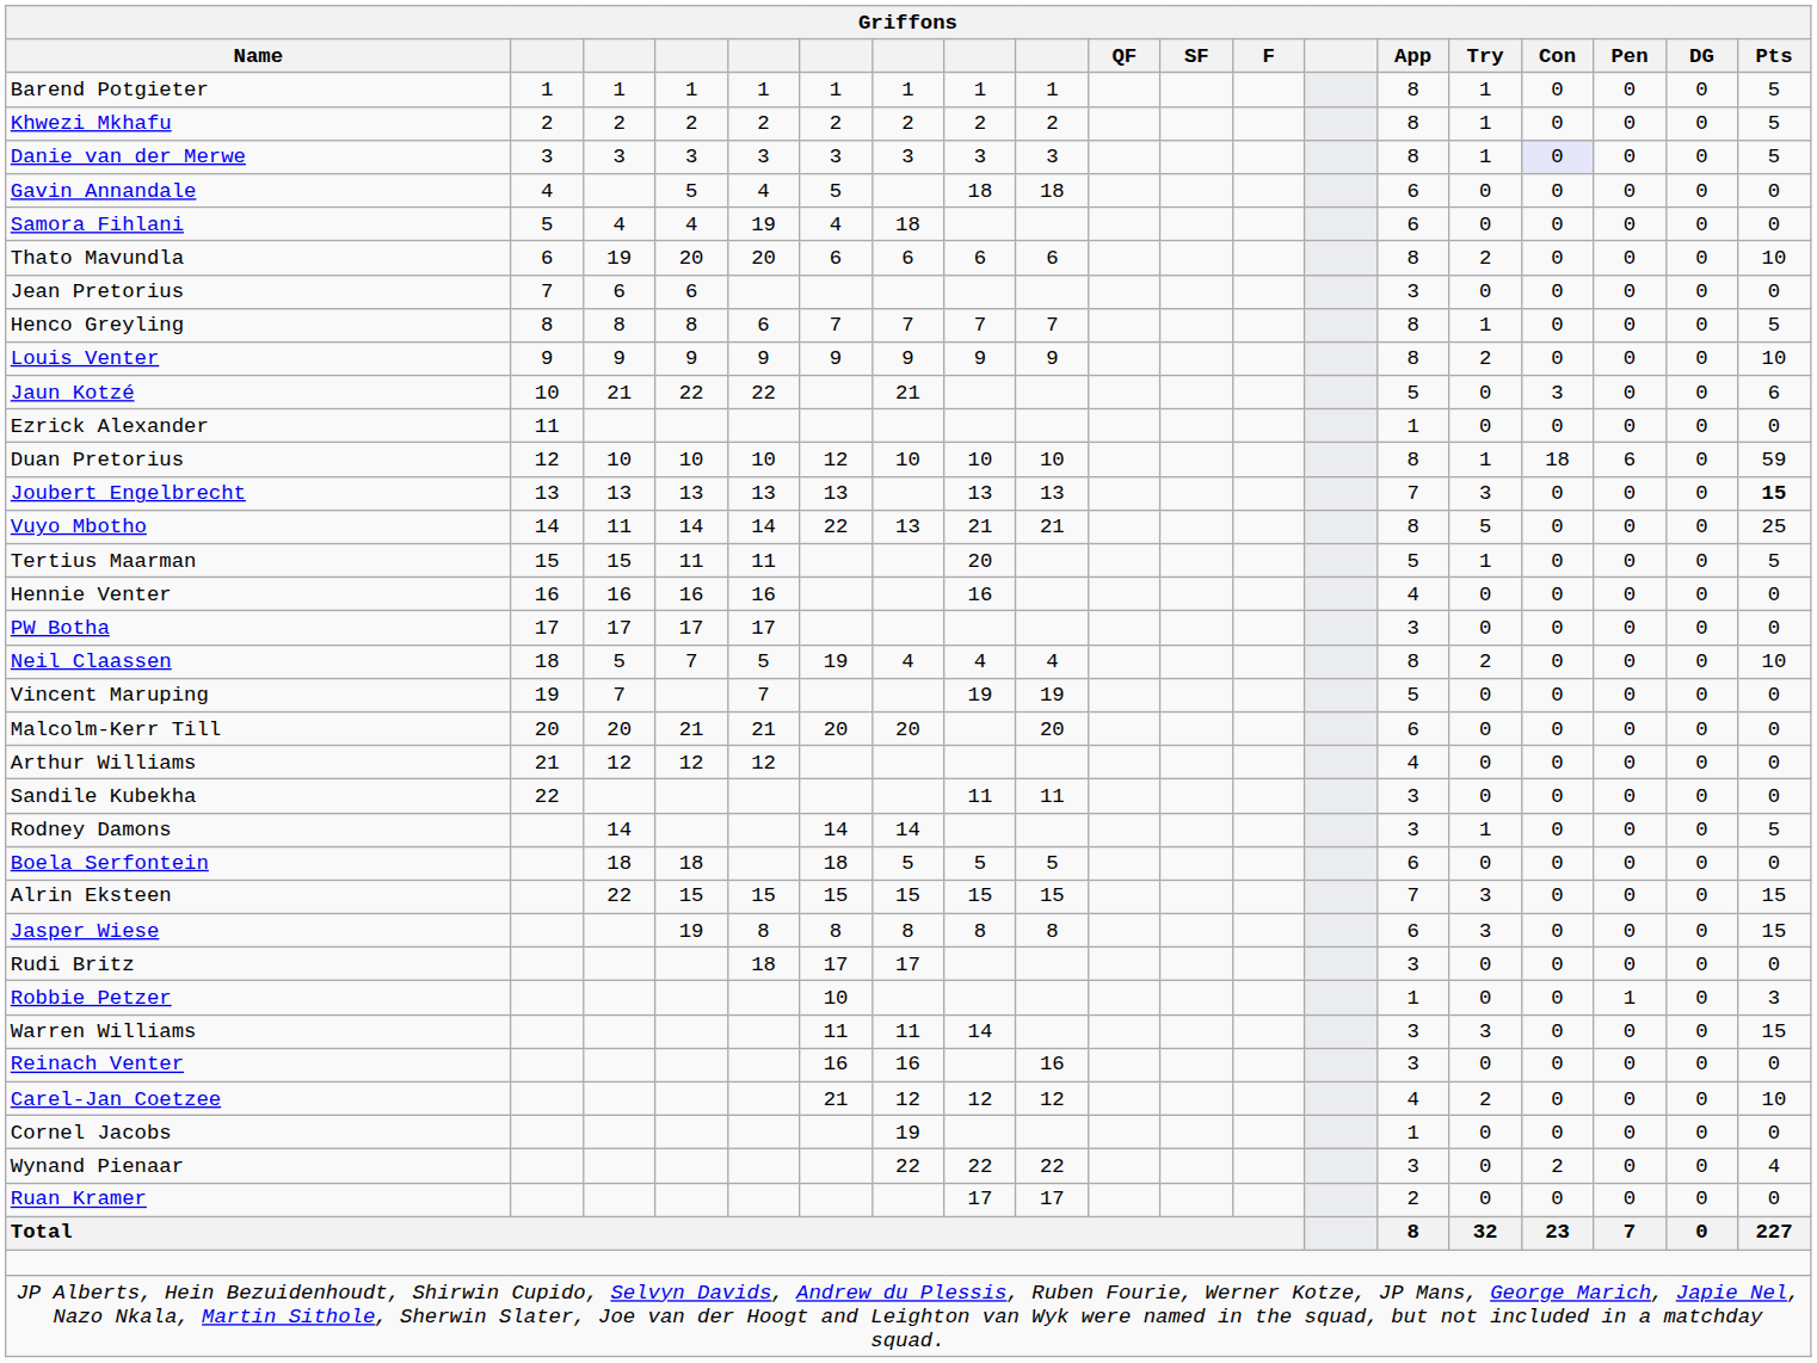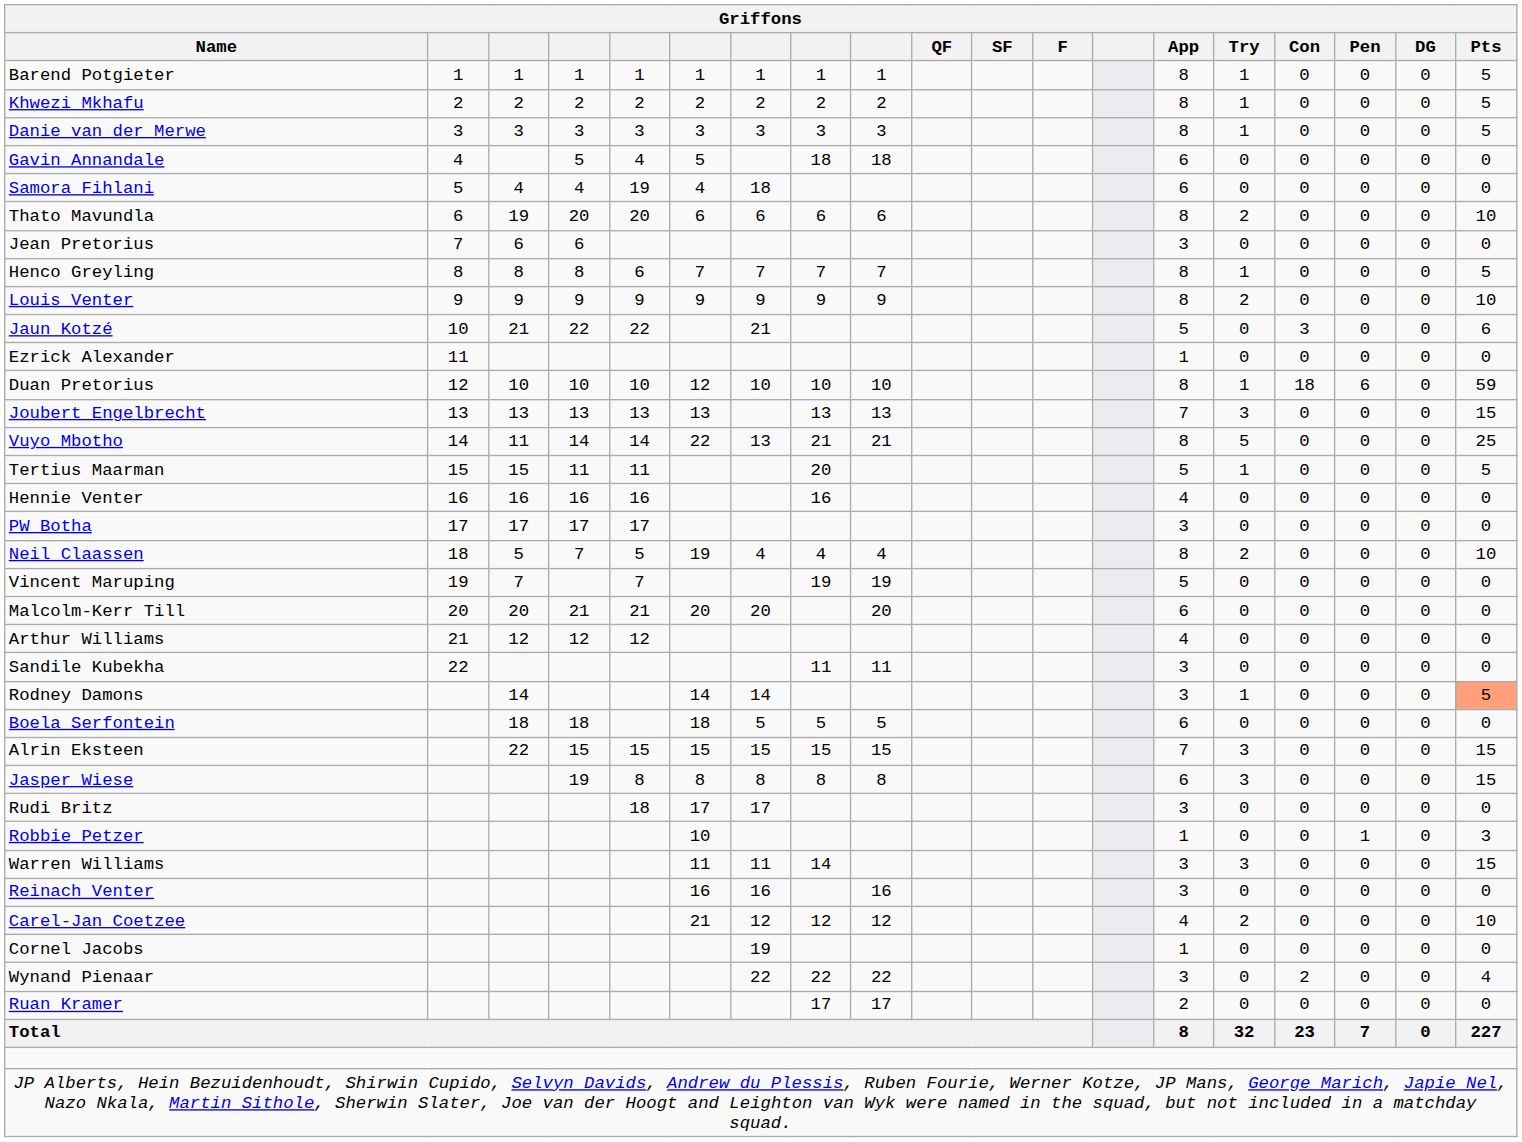 <table class="wikitable collapsible collapsed" style="text-align:center; font-size:100%; width:90%">
 <tr>
 <th colspan="100%">Griffons</th>
 </tr>
 <tr>
 <th style="width:28%;">Name</th>
 <th style="width:4%;"></th>
 <th style="width:4%;"></th>
 <th style="width:4%;"></th>
 <th style="width:4%;"></th>
 <th style="width:4%;"></th>
 <th style="width:4%;"></th>
 <th style="width:4%;"></th>
 <th style="width:4%;"></th>
 <th style="width:4%;">QF</th>
 <th style="width:4%;">SF</th>
 <th style="width:4%;">F</th>
 <th style="width:4%;"></th>
 <th style="width:4%;">App</th>
 <th style="width:4%;">Try</th>
 <th style="width:4%;">Con</th>
 <th style="width:4%;">Pen</th>
 <th style="width:4%;">DG</th>
 <th style="width:4%;">Pts</th>
 </tr>
 <tr>
 <td style="text-align:left;">Barend Potgieter</td>
 <td>1</td>
 <td>1</td>
 <td>1</td>
 <td>1</td>
 <td>1</td>
 <td>1</td>
 <td>1</td>
 <td>1</td>
 <td></td>
 <td></td>
 <td></td>
 <td style="background:#EBECF0;"></td>
 <td>8</td>
 <td>1</td>
 <td>0</td>
 <td>0</td>
 <td>0</td>
 <td>5</td>
 </tr>
 <tr>
 <td style="text-align:left;"><a href='#'>Khwezi Mkhafu</a></td>
 <td>2</td>
 <td>2</td>
 <td>2</td>
 <td>2</td>
 <td>2</td>
 <td>2</td>
 <td>2</td>
 <td>2</td>
 <td></td>
 <td></td>
 <td></td>
 <td style="background:#EBECF0;"></td>
 <td>8</td>
 <td>1</td>
 <td>0</td>
 <td>0</td>
 <td>0</td>
 <td>5</td>
 </tr>
 <tr>
 <td style="text-align:left;"><a href='#'>Danie van der Merwe</a></td>
 <td>3</td>
 <td>3</td>
 <td>3</td>
 <td>3</td>
 <td>3</td>
 <td>3</td>
 <td>3</td>
 <td>3</td>
 <td></td>
 <td></td>
 <td></td>
 <td style="background:#EBECF0;"></td>
 <td>8</td>
 <td>1</td>
-<td style="background: lavender;">0</td>
+<td>0</td>
 <td>0</td>
 <td>0</td>
 <td>5</td>
 </tr>
 <tr>
 <td style="text-align:left;"><a href='#'>Gavin Annandale</a></td>
 <td>4</td>
 <td></td>
 <td>5</td>
 <td>4</td>
 <td>5</td>
 <td></td>
 <td>18 </td>
 <td>18 </td>
 <td></td>
 <td></td>
 <td></td>
 <td style="background:#EBECF0;"></td>
 <td>6</td>
 <td>0</td>
 <td>0</td>
 <td>0</td>
 <td>0</td>
 <td>0</td>
 </tr>
 <tr>
 <td style="text-align:left;"><a href='#'>Samora Fihlani</a></td>
 <td>5</td>
 <td>4</td>
 <td>4</td>
 <td>19 </td>
 <td>4</td>
 <td>18 </td>
 <td></td>
 <td></td>
 <td></td>
 <td></td>
 <td></td>
 <td style="background:#EBECF0;"></td>
 <td>6</td>
 <td>0</td>
 <td>0</td>
 <td>0</td>
 <td>0</td>
 <td>0</td>
 </tr>
 <tr>
 <td style="text-align:left;">Thato Mavundla</td>
 <td>6</td>
 <td>19 </td>
 <td>20 </td>
 <td>20 </td>
 <td>6</td>
 <td>6</td>
 <td>6</td>
 <td>6</td>
 <td></td>
 <td></td>
 <td></td>
 <td style="background:#EBECF0;"></td>
 <td>8</td>
 <td>2</td>
 <td>0</td>
 <td>0</td>
 <td>0</td>
 <td>10</td>
 </tr>
 <tr>
 <td style="text-align:left;">Jean Pretorius</td>
 <td>7</td>
 <td>6</td>
 <td>6</td>
 <td></td>
 <td></td>
 <td></td>
 <td></td>
 <td></td>
 <td></td>
 <td></td>
 <td></td>
 <td style="background:#EBECF0;"></td>
 <td>3</td>
 <td>0</td>
 <td>0</td>
 <td>0</td>
 <td>0</td>
 <td>0</td>
 </tr>
 <tr>
 <td style="text-align:left;">Henco Greyling</td>
 <td>8</td>
 <td>8</td>
 <td>8</td>
 <td>6</td>
 <td>7</td>
 <td>7</td>
 <td>7</td>
 <td>7</td>
 <td></td>
 <td></td>
 <td></td>
 <td style="background:#EBECF0;"></td>
 <td>8</td>
 <td>1</td>
 <td>0</td>
 <td>0</td>
 <td>0</td>
 <td>5</td>
 </tr>
 <tr>
 <td style="text-align:left;"><a href='#'>Louis Venter</a></td>
 <td>9</td>
 <td>9</td>
 <td>9</td>
 <td>9</td>
 <td>9</td>
 <td>9</td>
 <td>9</td>
 <td>9</td>
 <td></td>
 <td></td>
 <td></td>
 <td style="background:#EBECF0;"></td>
 <td>8</td>
 <td>2</td>
 <td>0</td>
 <td>0</td>
 <td>0</td>
 <td>10</td>
 </tr>
 <tr>
 <td style="text-align:left;"><a href='#'>Jaun Kotzé</a></td>
 <td>10</td>
 <td>21 </td>
 <td>22 </td>
 <td>22 </td>
 <td></td>
 <td>21 </td>
 <td></td>
 <td></td>
 <td></td>
 <td></td>
 <td></td>
 <td style="background:#EBECF0;"></td>
 <td>5</td>
 <td>0</td>
 <td>3</td>
 <td>0</td>
 <td>0</td>
 <td>6</td>
 </tr>
 <tr>
 <td style="text-align:left;">Ezrick Alexander</td>
 <td>11</td>
 <td></td>
 <td></td>
 <td></td>
 <td></td>
 <td></td>
 <td></td>
 <td></td>
 <td></td>
 <td></td>
 <td></td>
 <td style="background:#EBECF0;"></td>
 <td>1</td>
 <td>0</td>
 <td>0</td>
 <td>0</td>
 <td>0</td>
 <td>0</td>
 </tr>
 <tr>
 <td style="text-align:left;">Duan Pretorius</td>
 <td>12</td>
 <td>10</td>
 <td>10</td>
 <td>10</td>
 <td>12</td>
 <td>10</td>
 <td>10</td>
 <td>10</td>
 <td></td>
 <td></td>
 <td></td>
 <td style="background:#EBECF0;"></td>
 <td>8</td>
 <td>1</td>
 <td>18</td>
 <td>6</td>
 <td>0</td>
 <td>59</td>
 </tr>
 <tr>
 <td style="text-align:left;"><a href='#'>Joubert Engelbrecht</a></td>
 <td>13</td>
 <td>13</td>
 <td>13</td>
 <td>13</td>
 <td>13</td>
 <td></td>
 <td>13</td>
 <td>13</td>
 <td></td>
 <td></td>
 <td></td>
 <td style="background:#EBECF0;"></td>
 <td>7</td>
 <td>3</td>
 <td>0</td>
 <td>0</td>
 <td>0</td>
-<td><strong>15</strong></td>
+<td>15</td>
 </tr>
 <tr>
 <td style="text-align:left;"><a href='#'>Vuyo Mbotho</a></td>
 <td>14</td>
 <td>11</td>
 <td>14</td>
 <td>14</td>
 <td>22 </td>
 <td>13</td>
 <td>21 </td>
 <td>21 </td>
 <td></td>
 <td></td>
 <td></td>
 <td style="background:#EBECF0;"></td>
 <td>8</td>
 <td>5</td>
 <td>0</td>
 <td>0</td>
 <td>0</td>
 <td>25</td>
 </tr>
 <tr>
 <td style="text-align:left;">Tertius Maarman</td>
 <td>15</td>
 <td>15</td>
 <td>11</td>
 <td>11</td>
 <td></td>
 <td></td>
 <td>20 </td>
 <td></td>
 <td></td>
 <td></td>
 <td></td>
 <td style="background:#EBECF0;"></td>
 <td>5</td>
 <td>1</td>
 <td>0</td>
 <td>0</td>
 <td>0</td>
 <td>5</td>
 </tr>
 <tr>
 <td style="text-align:left;">Hennie Venter</td>
 <td>16</td>
 <td>16 </td>
 <td>16 </td>
 <td>16 </td>
 <td></td>
 <td></td>
 <td>16 </td>
 <td></td>
 <td></td>
 <td></td>
 <td></td>
 <td style="background:#EBECF0;"></td>
 <td>4</td>
 <td>0</td>
 <td>0</td>
 <td>0</td>
 <td>0</td>
 <td>0</td>
 </tr>
 <tr>
 <td style="text-align:left;"><a href='#'>PW Botha</a></td>
 <td>17</td>
 <td>17 </td>
 <td>17 </td>
 <td>17 </td>
 <td></td>
 <td></td>
 <td></td>
 <td></td>
 <td></td>
 <td></td>
 <td></td>
 <td style="background:#EBECF0;"></td>
 <td>3</td>
 <td>0</td>
 <td>0</td>
 <td>0</td>
 <td>0</td>
 <td>0</td>
 </tr>
 <tr>
 <td style="text-align:left;"><a href='#'>Neil Claassen</a></td>
 <td>18 </td>
 <td>5</td>
 <td>7</td>
 <td>5</td>
 <td>19 </td>
 <td>4</td>
 <td>4</td>
 <td>4</td>
 <td></td>
 <td></td>
 <td></td>
 <td style="background:#EBECF0;"></td>
 <td>8</td>
 <td>2</td>
 <td>0</td>
 <td>0</td>
 <td>0</td>
 <td>10</td>
 </tr>
 <tr>
 <td style="text-align:left;">Vincent Maruping</td>
 <td>19 </td>
 <td>7</td>
 <td></td>
 <td>7</td>
 <td></td>
 <td></td>
 <td>19 </td>
 <td>19 </td>
 <td></td>
 <td></td>
 <td></td>
 <td style="background:#EBECF0;"></td>
 <td>5</td>
 <td>0</td>
 <td>0</td>
 <td>0</td>
 <td>0</td>
 <td>0</td>
 </tr>
 <tr>
 <td style="text-align:left;">Malcolm-Kerr Till</td>
 <td>20</td>
 <td>20 </td>
 <td>21 </td>
 <td>21 </td>
 <td>20 </td>
 <td>20 </td>
 <td></td>
 <td>20 </td>
 <td></td>
 <td></td>
 <td></td>
 <td style="background:#EBECF0;"></td>
 <td>6</td>
 <td>0</td>
 <td>0</td>
 <td>0</td>
 <td>0</td>
 <td>0</td>
 </tr>
 <tr>
 <td style="text-align:left;">Arthur Williams</td>
 <td>21 </td>
 <td>12</td>
 <td>12</td>
 <td>12</td>
 <td></td>
 <td></td>
 <td></td>
 <td></td>
 <td></td>
 <td></td>
 <td></td>
 <td style="background:#EBECF0;"></td>
 <td>4</td>
 <td>0</td>
 <td>0</td>
 <td>0</td>
 <td>0</td>
 <td>0</td>
 </tr>
 <tr>
 <td style="text-align:left;">Sandile Kubekha</td>
 <td>22 </td>
 <td></td>
 <td></td>
 <td></td>
 <td></td>
 <td></td>
 <td>11</td>
 <td>11</td>
 <td></td>
 <td></td>
 <td></td>
 <td style="background:#EBECF0;"></td>
 <td>3</td>
 <td>0</td>
 <td>0</td>
 <td>0</td>
 <td>0</td>
 <td>0</td>
 </tr>
 <tr>
 <td style="text-align:left;">Rodney Damons</td>
 <td></td>
 <td>14</td>
 <td></td>
 <td></td>
 <td>14</td>
 <td>14</td>
 <td></td>
 <td></td>
 <td></td>
 <td></td>
 <td></td>
 <td style="background:#EBECF0;"></td>
 <td>3</td>
 <td>1</td>
 <td>0</td>
 <td>0</td>
 <td>0</td>
-<td>5</td>
+<td style="background: lightsalmon;">5</td>
 </tr>
 <tr>
 <td style="text-align:left;"><a href='#'>Boela Serfontein</a></td>
 <td></td>
 <td>18 </td>
 <td>18 </td>
 <td></td>
 <td>18 </td>
 <td>5</td>
 <td>5</td>
 <td>5</td>
 <td></td>
 <td></td>
 <td></td>
 <td style="background:#EBECF0;"></td>
 <td>6</td>
 <td>0</td>
 <td>0</td>
 <td>0</td>
 <td>0</td>
 <td>0</td>
 </tr>
 <tr>
 <td style="text-align:left;">Alrin Eksteen</td>
 <td></td>
 <td>22 </td>
 <td>15</td>
 <td>15</td>
 <td>15</td>
 <td>15</td>
 <td>15</td>
 <td>15</td>
 <td></td>
 <td></td>
 <td></td>
 <td style="background:#EBECF0;"></td>
 <td>7</td>
 <td>3</td>
 <td>0</td>
 <td>0</td>
 <td>0</td>
 <td>15</td>
 </tr>
 <tr>
 <td style="text-align:left;"><a href='#'>Jasper Wiese</a></td>
 <td></td>
 <td></td>
 <td>19 </td>
 <td>8</td>
 <td>8</td>
 <td>8</td>
 <td>8</td>
 <td>8</td>
 <td></td>
 <td></td>
 <td></td>
 <td style="background:#EBECF0;"></td>
 <td>6</td>
 <td>3</td>
 <td>0</td>
 <td>0</td>
 <td>0</td>
 <td>15</td>
 </tr>
 <tr>
 <td style="text-align:left;">Rudi Britz</td>
 <td></td>
 <td></td>
 <td></td>
 <td>18 </td>
 <td>17 </td>
 <td>17 </td>
 <td></td>
 <td></td>
 <td></td>
 <td></td>
 <td></td>
 <td style="background:#EBECF0;"></td>
 <td>3</td>
 <td>0</td>
 <td>0</td>
 <td>0</td>
 <td>0</td>
 <td>0</td>
 </tr>
 <tr>
 <td style="text-align:left;"><a href='#'>Robbie Petzer</a></td>
 <td></td>
 <td></td>
 <td></td>
 <td></td>
 <td>10</td>
 <td></td>
 <td></td>
 <td></td>
 <td></td>
 <td></td>
 <td></td>
 <td style="background:#EBECF0;"></td>
 <td>1</td>
 <td>0</td>
 <td>0</td>
 <td>1</td>
 <td>0</td>
 <td>3</td>
 </tr>
 <tr>
 <td style="text-align:left;">Warren Williams</td>
 <td></td>
 <td></td>
 <td></td>
 <td></td>
 <td>11</td>
 <td>11</td>
 <td>14</td>
 <td></td>
 <td></td>
 <td></td>
 <td></td>
 <td style="background:#EBECF0;"></td>
 <td>3</td>
 <td>3</td>
 <td>0</td>
 <td>0</td>
 <td>0</td>
 <td>15</td>
 </tr>
 <tr>
 <td style="text-align:left;"><a href='#'>Reinach Venter</a></td>
 <td></td>
 <td></td>
 <td></td>
 <td></td>
 <td>16 </td>
 <td>16 </td>
 <td></td>
 <td>16 </td>
 <td></td>
 <td></td>
 <td></td>
 <td style="background:#EBECF0;"></td>
 <td>3</td>
 <td>0</td>
 <td>0</td>
 <td>0</td>
 <td>0</td>
 <td>0</td>
 </tr>
 <tr>
 <td style="text-align:left;"><a href='#'>Carel-Jan Coetzee</a></td>
 <td></td>
 <td></td>
 <td></td>
 <td></td>
 <td>21 </td>
 <td>12</td>
 <td>12</td>
 <td>12</td>
 <td></td>
 <td></td>
 <td></td>
 <td style="background:#EBECF0;"></td>
 <td>4</td>
 <td>2</td>
 <td>0</td>
 <td>0</td>
 <td>0</td>
 <td>10</td>
 </tr>
 <tr>
 <td style="text-align:left;">Cornel Jacobs</td>
 <td></td>
 <td></td>
 <td></td>
 <td></td>
 <td></td>
 <td>19 </td>
 <td></td>
 <td></td>
 <td></td>
 <td></td>
 <td></td>
 <td style="background:#EBECF0;"></td>
 <td>1</td>
 <td>0</td>
 <td>0</td>
 <td>0</td>
 <td>0</td>
 <td>0</td>
 </tr>
 <tr>
 <td style="text-align:left;">Wynand Pienaar</td>
 <td></td>
 <td></td>
 <td></td>
 <td></td>
 <td></td>
 <td>22 </td>
 <td>22 </td>
 <td>22 </td>
 <td></td>
 <td></td>
 <td></td>
 <td style="background:#EBECF0;"></td>
 <td>3</td>
 <td>0</td>
 <td>2</td>
 <td>0</td>
 <td>0</td>
 <td>4</td>
 </tr>
 <tr>
 <td style="text-align:left;"><a href='#'>Ruan Kramer</a></td>
 <td></td>
 <td></td>
 <td></td>
 <td></td>
 <td></td>
 <td></td>
 <td>17 </td>
 <td>17 </td>
 <td></td>
 <td></td>
 <td></td>
 <td style="background:#EBECF0;"></td>
 <td>2</td>
 <td>0</td>
 <td>0</td>
 <td>0</td>
 <td>0</td>
 <td>0</td>
 </tr>
 <tr>
 <th colspan="12" style="text-align:left;">Total</th>
 <th style="background:#EBECF0;"></th>
 <th>8</th>
 <th>32</th>
 <th>23</th>
 <th>7</th>
 <th>0</th>
 <th>227</th>
 </tr>
 <tr class="sortbottom">
 <td colspan="100%" style="height: 10px;"></td>
 </tr>
 <tr class="sortbottom">
 <td colspan="100%" style="text-align:center;"><em>JP Alberts, Hein Bezuidenhoudt, Shirwin Cupido, <a href='#'>Selvyn Davids</a>, <a href='#'>Andrew du Plessis</a>, Ruben Fourie, Werner Kotze, JP Mans, <a href='#'>George Marich</a>, <a href='#'>Japie Nel</a>, Nazo Nkala, <a href='#'>Martin Sithole</a>, Sherwin Slater, Joe van der Hoogt and Leighton van Wyk were named in the squad, but not included in a matchday squad.</em></td>
 </tr>
 </table>
